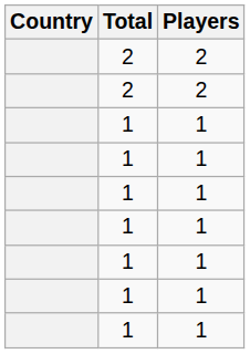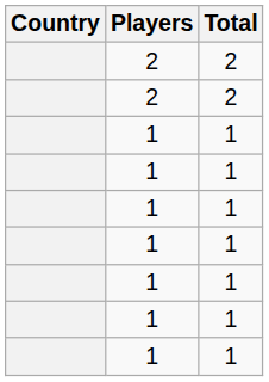 <table class="sortable wikitable plainrowheaders">
 <tr>
 <th scope="col">Country</th>
+<th scope="col">Players</th>
 <th scope="col">Total</th>
-<th scope="col">Players</th>
 </tr>
 <tr>
 <th scope="row"></th>
 <td align="center">2</td>
 <td align="center">2</td>
 </tr>
 <tr>
 <th scope="row"></th>
 <td align="center">2</td>
 <td align="center">2</td>
 </tr>
 <tr>
 <th scope="row"></th>
 <td align="center">1</td>
 <td align="center">1</td>
 </tr>
 <tr>
 <th scope="row"></th>
 <td align="center">1</td>
 <td align="center">1</td>
 </tr>
 <tr>
 <th scope="row"></th>
 <td align="center">1</td>
 <td align="center">1</td>
 </tr>
 <tr>
 <th scope="row"></th>
 <td align="center">1</td>
 <td align="center">1</td>
 </tr>
 <tr>
 <th scope="row"></th>
 <td align="center">1</td>
 <td align="center">1</td>
 </tr>
 <tr>
 <th scope="row"></th>
 <td align="center">1</td>
 <td align="center">1</td>
 </tr>
 <tr>
 <th scope="row"></th>
 <td align="center">1</td>
 <td align="center">1</td>
 </tr>
 </table>
